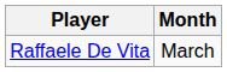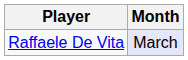 <table class="wikitable" style="text-align:center">
 <tr>
 <th rowspan=1>Player</th>
 <th colspan=1>Month</th>
 </tr>
 <tr>
 <td><a href='#'>Raffaele De Vita</a></td>
-<td>March </td>
+<td style="background: lavender;">March </td>
 </tr>
 <tr>
 </tr>
 </table>
